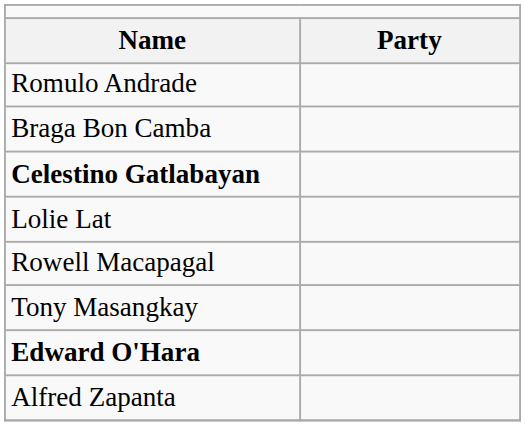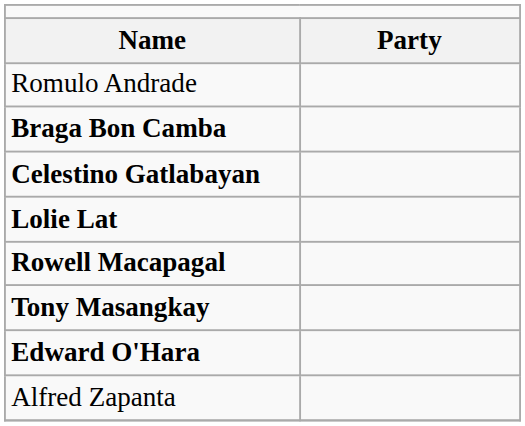 <table class=wikitable style="font-size:90%">
 <tr>
 <td colspan=4 bgcolor=></td>
 </tr>
 <tr>
 <th width=150px>Name</th>
 <th colspan=2 width=110px>Party</th>
 </tr>
 <tr>
 <td>Romulo Andrade</td>
 <td></td>
 </tr>
 <tr>
-<td>Braga Bon Camba</td>
+<td><strong>Braga Bon Camba</strong></td>
 <td></td>
 </tr>
 <tr>
 <td><strong>Celestino Gatlabayan</strong></td>
 <td></td>
 </tr>
 <tr>
-<td>Lolie Lat</td>
+<td><strong>Lolie Lat</strong></td>
 <td></td>
 </tr>
 <tr>
-<td>Rowell Macapagal</td>
+<td><strong>Rowell Macapagal</strong></td>
 <td></td>
 </tr>
 <tr>
-<td>Tony Masangkay</td>
+<td><strong>Tony Masangkay</strong></td>
 <td></td>
 </tr>
 <tr>
 <td><strong>Edward O'Hara</strong></td>
 <td></td>
 </tr>
 <tr>
 <td>Alfred Zapanta</td>
 <td></td>
 </tr>
 <tr>
 </tr>
 </table>
